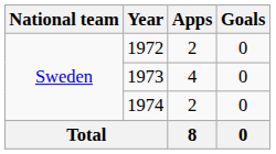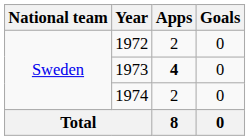 <table class="wikitable" style="text-align:center">
 <tr>
 <th>National team</th>
 <th>Year</th>
 <th>Apps</th>
 <th>Goals</th>
 </tr>
 <tr>
 <td rowspan="3"><a href='#'>Sweden</a></td>
 <td>1972</td>
 <td>2</td>
 <td>0</td>
 </tr>
 <tr>
 <td>1973</td>
-<td>4</td>
+<td><strong>4</strong></td>
 <td>0</td>
 </tr>
 <tr>
 <td>1974</td>
 <td>2</td>
 <td>0</td>
 </tr>
 <tr>
 <th colspan="2">Total</th>
 <th>8</th>
 <th>0</th>
 </tr>
 </table>
